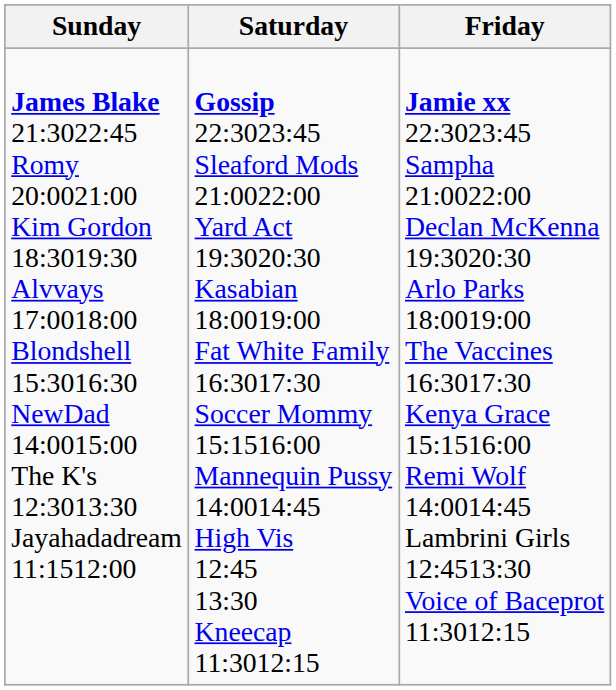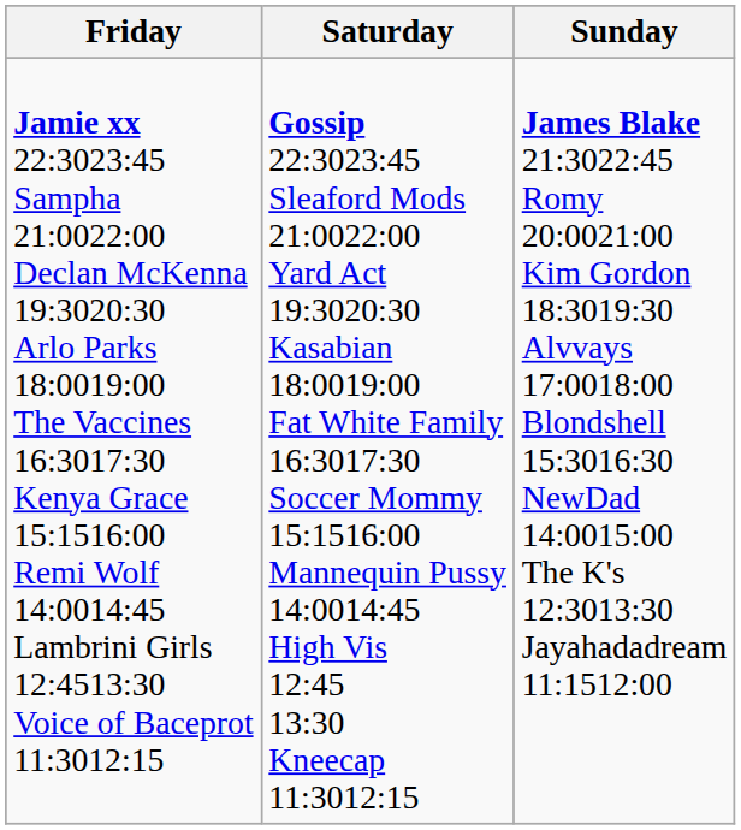 <table class="wikitable">
 <tr>
+<th>Friday</th>
+<th>Saturday</th>
 <th>Sunday</th>
-<th>Saturday</th>
-<th>Friday</th>
 </tr>
 <tr valign="top">
+<td><br><strong><a href='#'>Jamie xx</a></strong><br>22:3023:45<br> <a href='#'>Sampha</a><br>21:0022:00<br> <a href='#'>Declan McKenna</a><br>19:3020:30<br> <a href='#'>Arlo Parks</a><br>18:0019:00<br> <a href='#'>The Vaccines</a><br>16:3017:30<br> <a href='#'>Kenya Grace</a><br>15:1516:00<br> <a href='#'>Remi Wolf</a><br>14:0014:45<br> Lambrini Girls<br>12:4513:30<br> <a href='#'>Voice of Baceprot</a><br>11:3012:15</td>
+<td><br><strong><a href='#'>Gossip</a></strong><br>22:3023:45<br> <a href='#'>Sleaford Mods</a><br>21:0022:00<br> <a href='#'>Yard Act</a><br>19:3020:30<br> <a href='#'>Kasabian</a><br>18:0019:00<br> <a href='#'>Fat White Family</a><br>16:3017:30<br> <a href='#'>Soccer Mommy</a><br>15:1516:00<br> <a href='#'>Mannequin Pussy</a><br>14:0014:45<br> <a href='#'>High Vis</a><br>12:45<br>13:30<br> <a href='#'>Kneecap</a><br>11:3012:15</td>
 <td><br><strong><a href='#'>James Blake</a></strong><br>21:3022:45<br> <a href='#'>Romy</a><br>20:0021:00<br> <a href='#'>Kim Gordon</a><br>18:3019:30<br> <a href='#'>Alvvays</a><br>17:0018:00<br> <a href='#'>Blondshell</a><br>15:3016:30<br> <a href='#'>NewDad</a><br>14:0015:00<br> The K's<br>12:3013:30<br> Jayahadadream<br>11:1512:00</td>
-<td><br><strong><a href='#'>Gossip</a></strong><br>22:3023:45<br> <a href='#'>Sleaford Mods</a><br>21:0022:00<br> <a href='#'>Yard Act</a><br>19:3020:30<br> <a href='#'>Kasabian</a><br>18:0019:00<br> <a href='#'>Fat White Family</a><br>16:3017:30<br> <a href='#'>Soccer Mommy</a><br>15:1516:00<br> <a href='#'>Mannequin Pussy</a><br>14:0014:45<br> <a href='#'>High Vis</a><br>12:45<br>13:30<br> <a href='#'>Kneecap</a><br>11:3012:15</td>
-<td><br><strong><a href='#'>Jamie xx</a></strong><br>22:3023:45<br> <a href='#'>Sampha</a><br>21:0022:00<br> <a href='#'>Declan McKenna</a><br>19:3020:30<br> <a href='#'>Arlo Parks</a><br>18:0019:00<br> <a href='#'>The Vaccines</a><br>16:3017:30<br> <a href='#'>Kenya Grace</a><br>15:1516:00<br> <a href='#'>Remi Wolf</a><br>14:0014:45<br> Lambrini Girls<br>12:4513:30<br> <a href='#'>Voice of Baceprot</a><br>11:3012:15</td>
 </tr>
 </table>
